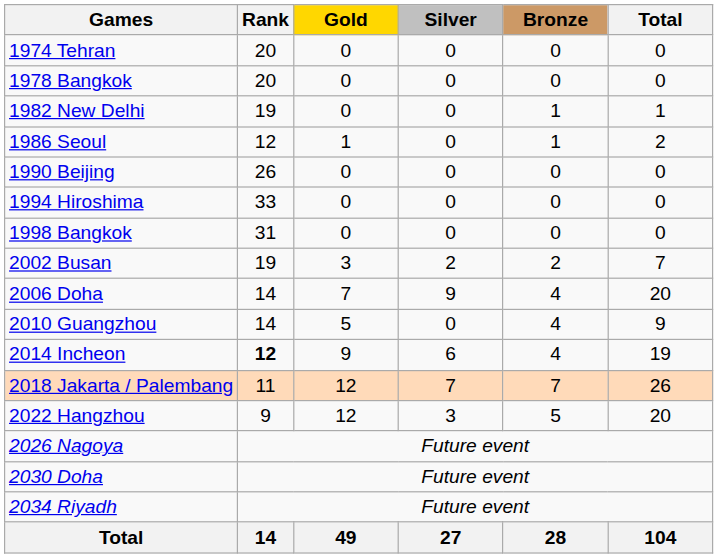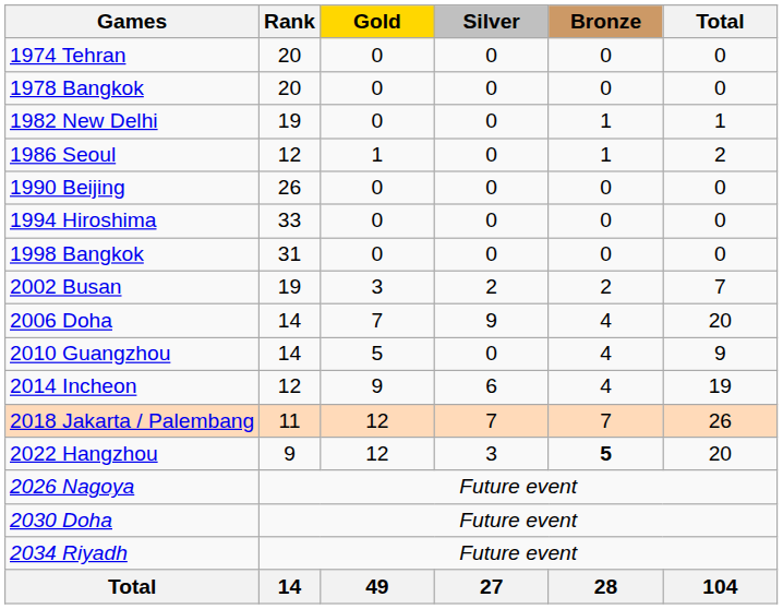 <table class="wikitable sortable" style="margin-top:0em; text-align:center; font-size:100%;">
 <tr>
 <th>Games</th>
 <th style="width:1em;">Rank</th>
 <th style="background:gold; width:5em;"><strong>Gold</strong></th>
 <th style="background:silver; width:5em;"><strong>Silver</strong></th>
 <th style="background:#cc9966; width:5em;"><strong>Bronze</strong></th>
 <th style="width:5em;">Total</th>
 </tr>
 <tr>
 <td align=left><a href='#'>1974 Tehran</a></td>
 <td>20</td>
 <td>0</td>
 <td>0</td>
 <td>0</td>
 <td>0</td>
 </tr>
 <tr>
 <td align=left><a href='#'>1978 Bangkok</a></td>
 <td>20</td>
 <td>0</td>
 <td>0</td>
 <td>0</td>
 <td>0</td>
 </tr>
 <tr>
 <td align=left><a href='#'>1982 New Delhi</a></td>
 <td>19</td>
 <td>0</td>
 <td>0</td>
 <td>1</td>
 <td>1</td>
 </tr>
 <tr>
 <td align=left><a href='#'>1986 Seoul</a></td>
 <td>12</td>
 <td>1</td>
 <td>0</td>
 <td>1</td>
 <td>2</td>
 </tr>
 <tr>
 <td align=left><a href='#'>1990 Beijing</a></td>
 <td>26</td>
 <td>0</td>
 <td>0</td>
 <td>0</td>
 <td>0</td>
 </tr>
 <tr>
 <td align=left><a href='#'>1994 Hiroshima</a></td>
 <td>33</td>
 <td>0</td>
 <td>0</td>
 <td>0</td>
 <td>0</td>
 </tr>
 <tr>
 <td align=left><a href='#'>1998 Bangkok</a></td>
 <td>31</td>
 <td>0</td>
 <td>0</td>
 <td>0</td>
 <td>0</td>
 </tr>
 <tr>
 <td align=left><a href='#'>2002 Busan</a></td>
 <td>19</td>
 <td>3</td>
 <td>2</td>
 <td>2</td>
 <td>7</td>
 </tr>
 <tr>
 <td align=left><a href='#'>2006 Doha</a></td>
 <td>14</td>
 <td>7</td>
 <td>9</td>
 <td>4</td>
 <td>20</td>
 </tr>
 <tr>
 <td align=left><a href='#'>2010 Guangzhou</a></td>
 <td>14</td>
 <td>5</td>
 <td>0</td>
 <td>4</td>
 <td>9</td>
 </tr>
 <tr>
 <td align=left><a href='#'>2014 Incheon</a></td>
-<td><strong>12</strong></td>
+<td>12</td>
 <td>9</td>
 <td>6</td>
 <td>4</td>
 <td>19</td>
 </tr>
 <tr bgcolor=ffdab9>
 <td align=left><a href='#'>2018 Jakarta / Palembang</a></td>
 <td>11</td>
 <td>12</td>
 <td>7</td>
 <td>7</td>
 <td>26</td>
 </tr>
 <tr>
 <td align=left><a href='#'>2022 Hangzhou</a></td>
 <td>9</td>
 <td>12</td>
 <td>3</td>
-<td>5</td>
+<td><strong>5</strong></td>
 <td>20</td>
 </tr>
 <tr>
 <td align=left><em><a href='#'>2026 Nagoya</a></em></td>
 <td colspan=5><em>Future event</em></td>
 </tr>
 <tr>
 <td align=left><em><a href='#'>2030 Doha</a></em></td>
 <td colspan=5><em>Future event</em></td>
 </tr>
 <tr>
 <td align=left><em><a href='#'>2034 Riyadh</a></em></td>
 <td colspan=5><em>Future event</em></td>
 </tr>
 <tr>
 <th>Total</th>
 <th>14</th>
 <th>49</th>
 <th>27</th>
 <th>28</th>
 <th>104</th>
 </tr>
 </table>
